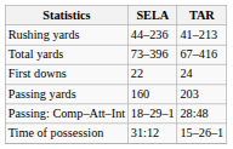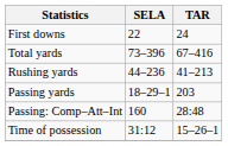 <table class="wikitable" style="float: left;">
 <tr>
 <th>Statistics</th>
 <th>SELA</th>
 <th>TAR</th>
 </tr>
 <tr>
-<td>Rushing yards</td>
-<td>44–236</td>
-<td>41–213</td>
+<td>First downs</td>
+<td>22</td>
+<td>24</td>
 </tr>
 <tr>
 <td>Total yards</td>
 <td>73–396</td>
 <td>67–416</td>
 </tr>
 <tr>
-<td>First downs</td>
-<td>22</td>
-<td>24</td>
+<td>Rushing yards</td>
+<td>44–236</td>
+<td>41–213</td>
 </tr>
 <tr>
 <td>Passing yards</td>
-<td>160</td>
+<td>18–29–1</td>
 <td>203</td>
 </tr>
 <tr>
 <td>Passing: Comp–Att–Int</td>
-<td>18–29–1</td>
+<td>160</td>
 <td>28:48</td>
 </tr>
 <tr>
 <td>Time of possession</td>
 <td>31:12</td>
 <td>15–26–1</td>
 </tr>
 <tr>
 </tr>
 </table>
